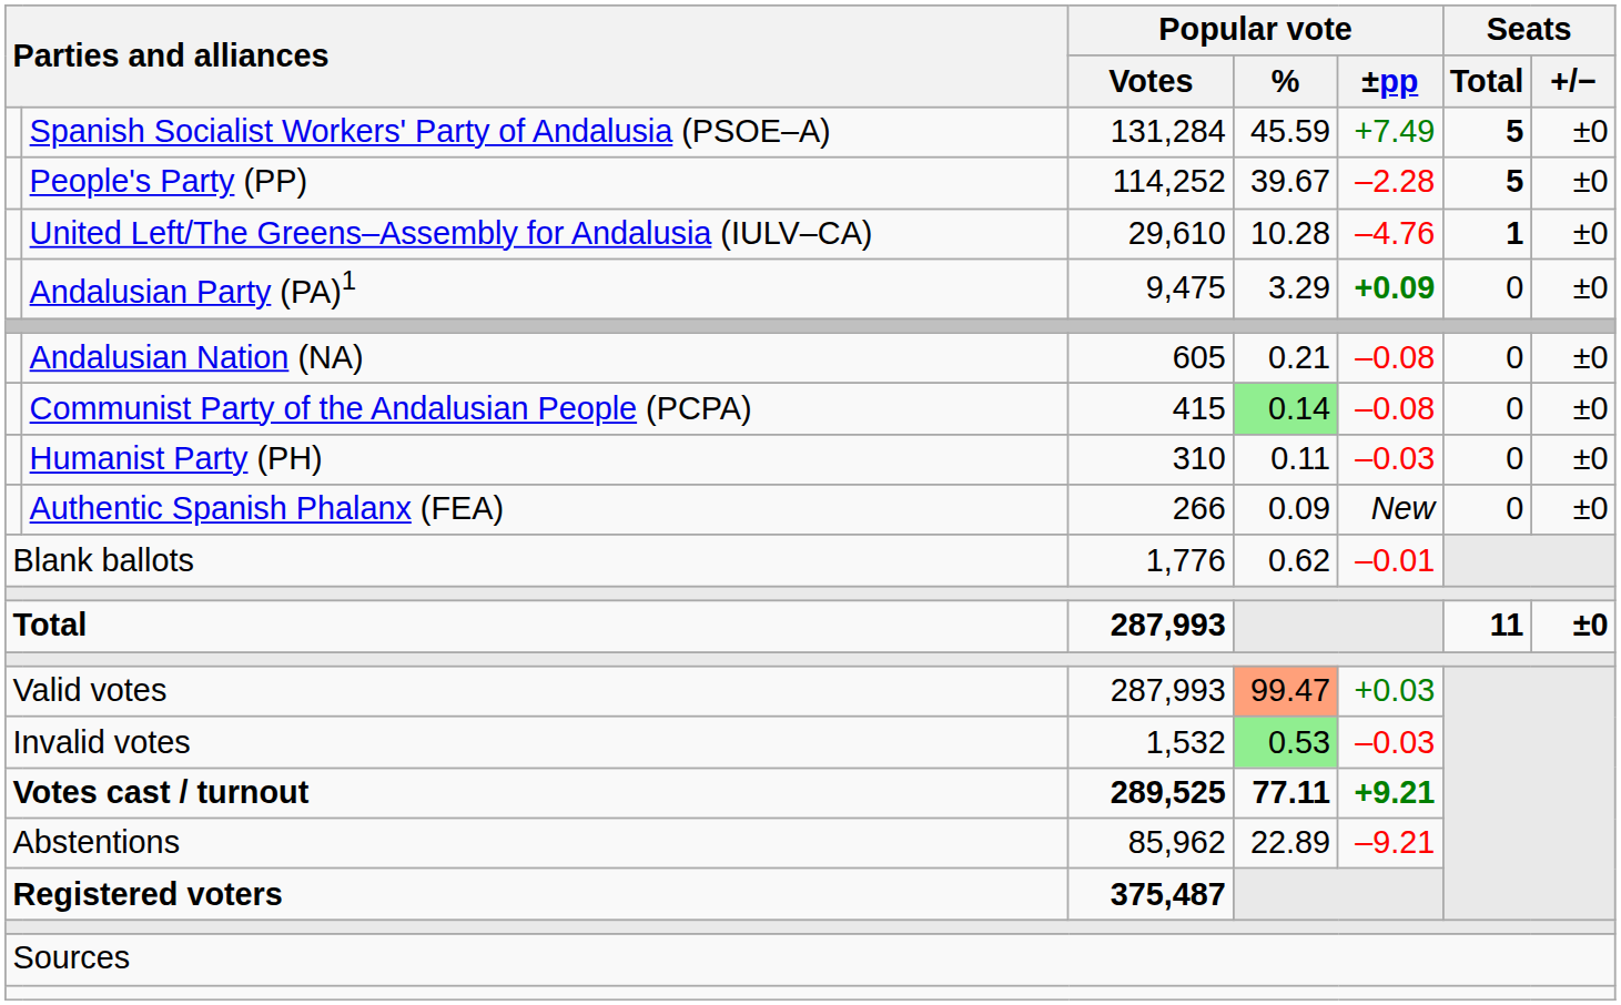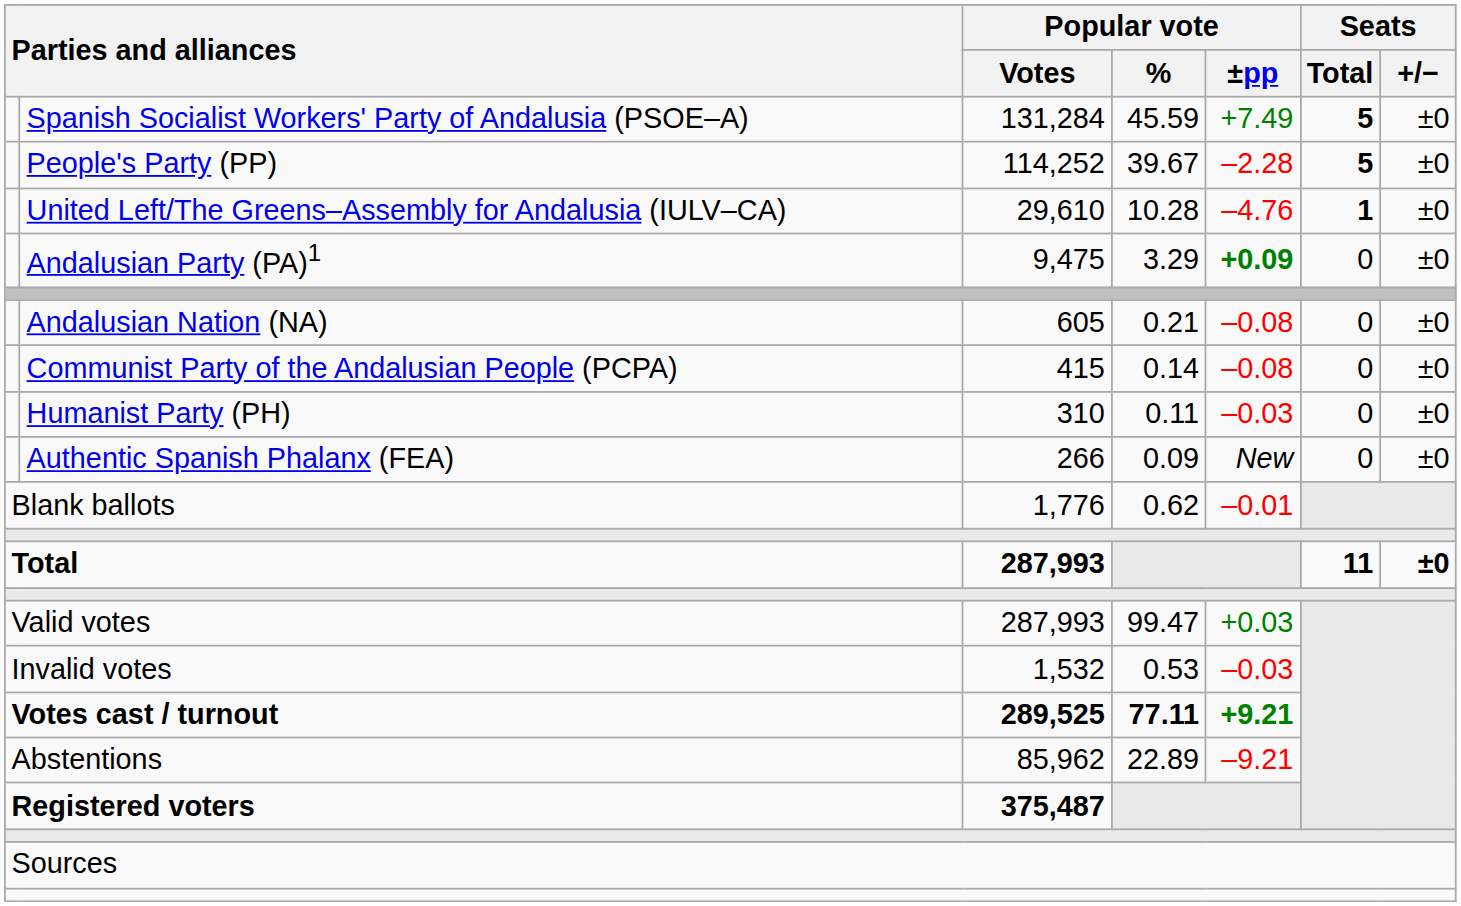 <table class="wikitable" style="text-align:right;">
 <tr>
 <th style="text-align:left;" rowspan="2" colspan="2" width="525">Parties and alliances</th>
 <th colspan="3">Popular vote</th>
 <th colspan="2">Seats</th>
 </tr>
 <tr>
 <th width="75">Votes</th>
 <th width="45">%</th>
 <th width="45">±<a href='#'>pp</a></th>
 <th width="35">Total</th>
 <th width="35">+/−</th>
 </tr>
 <tr>
 <td width="1" style="color:inherit;background:"></td>
 <td align="left"><a href='#'>Spanish Socialist Workers' Party of Andalusia</a> (PSOE–A)</td>
 <td>131,284</td>
 <td>45.59</td>
 <td style="color:green;">+7.49</td>
 <td><strong>5</strong></td>
 <td>±0</td>
 </tr>
 <tr>
 <td style="color:inherit;background:"></td>
 <td align="left"><a href='#'>People's Party</a> (PP)</td>
 <td>114,252</td>
 <td>39.67</td>
 <td style="color:red;">–2.28</td>
 <td><strong>5</strong></td>
 <td>±0</td>
 </tr>
 <tr>
 <td style="color:inherit;background:"></td>
 <td align="left"><a href='#'>United Left/The Greens–Assembly for Andalusia</a> (IULV–CA)</td>
 <td>29,610</td>
 <td>10.28</td>
 <td style="color:red;">–4.76</td>
 <td><strong>1</strong></td>
 <td>±0</td>
 </tr>
 <tr>
 <td style="color:inherit;background:"></td>
 <td align="left"><a href='#'>Andalusian Party</a> (PA)<sup>1</sup></td>
 <td>9,475</td>
 <td>3.29</td>
 <td style="color:green;"><strong>+0.09</strong></td>
 <td>0</td>
 <td>±0</td>
 </tr>
 <tr>
 <td colspan="7" bgcolor="#C0C0C0"></td>
 </tr>
 <tr>
 <td style="color:inherit;background:"></td>
 <td align="left"><a href='#'>Andalusian Nation</a> (NA)</td>
 <td>605</td>
 <td>0.21</td>
 <td style="color:red;">–0.08</td>
 <td>0</td>
 <td>±0</td>
 </tr>
 <tr>
 <td style="color:inherit;background:"></td>
 <td align="left"><a href='#'>Communist Party of the Andalusian People</a> (PCPA)</td>
 <td>415</td>
-<td style="background: lightgreen;">0.14</td>
+<td>0.14</td>
 <td style="color:red;">–0.08</td>
 <td>0</td>
 <td>±0</td>
 </tr>
 <tr>
 <td style="color:inherit;background:"></td>
 <td align="left"><a href='#'>Humanist Party</a> (PH)</td>
 <td>310</td>
 <td>0.11</td>
 <td style="color:red;">–0.03</td>
 <td>0</td>
 <td>±0</td>
 </tr>
 <tr>
 <td style="color:inherit;background:"></td>
 <td align="left"><a href='#'>Authentic Spanish Phalanx</a> (FEA)</td>
 <td>266</td>
 <td>0.09</td>
 <td><em>New</em></td>
 <td>0</td>
 <td>±0</td>
 </tr>
 <tr>
 <td align="left" colspan="2">Blank ballots</td>
 <td>1,776</td>
 <td>0.62</td>
 <td style="color:red;">–0.01</td>
 <td bgcolor="#E9E9E9" colspan="2"></td>
 </tr>
 <tr>
 <td colspan="7" bgcolor="#E9E9E9"></td>
 </tr>
 <tr style="font-weight:bold;">
 <td align="left" colspan="2">Total</td>
 <td>287,993</td>
 <td bgcolor="#E9E9E9" colspan="2"></td>
 <td>11</td>
 <td>±0</td>
 </tr>
 <tr>
 <td colspan="7" bgcolor="#E9E9E9"></td>
 </tr>
 <tr>
 <td align="left" colspan="2">Valid votes</td>
 <td>287,993</td>
-<td style="background: lightsalmon;">99.47</td>
+<td>99.47</td>
 <td style="color:green;">+0.03</td>
 <td bgcolor="#E9E9E9" colspan="2" rowspan="5"></td>
 </tr>
 <tr>
 <td align="left" colspan="2">Invalid votes</td>
 <td>1,532</td>
-<td style="background: lightgreen;">0.53</td>
+<td>0.53</td>
 <td style="color:red;">–0.03</td>
 </tr>
 <tr style="font-weight:bold;">
 <td align="left" colspan="2">Votes cast / turnout</td>
 <td>289,525</td>
 <td>77.11</td>
 <td style="color:green;">+9.21</td>
 </tr>
 <tr>
 <td align="left" colspan="2">Abstentions</td>
 <td>85,962</td>
 <td>22.89</td>
 <td style="color:red;">–9.21</td>
 </tr>
 <tr style="font-weight:bold;">
 <td align="left" colspan="2">Registered voters</td>
 <td>375,487</td>
 <td bgcolor="#E9E9E9" colspan="2"></td>
 </tr>
 <tr>
 <td colspan="7" bgcolor="#E9E9E9"></td>
 </tr>
 <tr>
 <td align="left" colspan="7">Sources</td>
 </tr>
 <tr>
 <td colspan="7" style="text-align:left; max-width:790px;"></td>
 </tr>
 </table>
